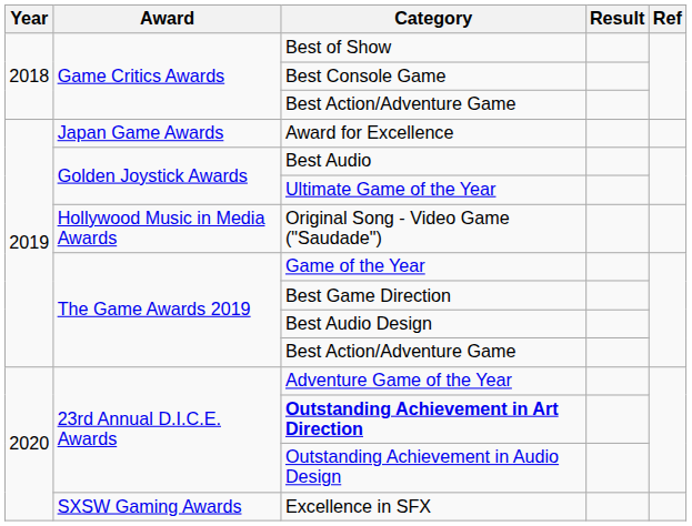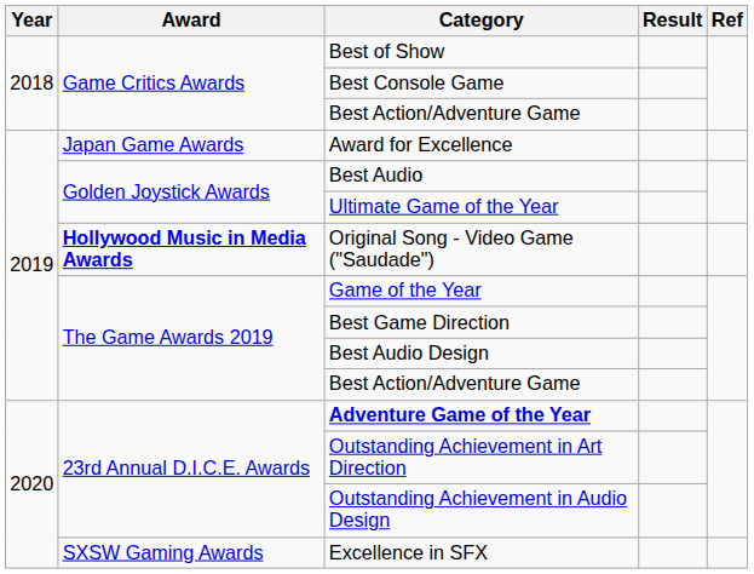 <table class="wikitable sortable">
 <tr>
 <th>Year</th>
 <th>Award</th>
 <th>Category</th>
 <th>Result</th>
 <th>Ref</th>
 </tr>
 <tr>
 <td style="text-align:center;" rowspan="3">2018</td>
 <td rowspan="3"><a href='#'>Game Critics Awards</a></td>
 <td>Best of Show</td>
 <td></td>
 <td rowspan="3" style="text-align:center;"></td>
 </tr>
 <tr>
 <td>Best Console Game</td>
 <td></td>
 </tr>
 <tr>
 <td>Best Action/Adventure Game</td>
 <td></td>
 </tr>
 <tr>
 <td style="text-align:center;" rowspan="8">2019</td>
 <td><a href='#'>Japan Game Awards</a></td>
 <td>Award for Excellence</td>
 <td></td>
 <td style="text-align:center;"></td>
 </tr>
 <tr>
 <td rowspan="2"><a href='#'>Golden Joystick Awards</a></td>
 <td>Best Audio</td>
 <td></td>
 <td rowspan="2" style="text-align:center;"></td>
 </tr>
 <tr>
 <td><a href='#'>Ultimate Game of the Year</a></td>
 <td></td>
 </tr>
 <tr>
-<td><a href='#'>Hollywood Music in Media Awards</a></td>
+<td><strong><a href='#'>Hollywood Music in Media Awards</a></strong></td>
 <td>Original Song - Video Game ("Saudade")</td>
 <td></td>
 <td style="text-align:center;"></td>
 </tr>
 <tr>
 <td rowspan="4"><a href='#'>The Game Awards 2019</a></td>
 <td><a href='#'>Game of the Year</a></td>
 <td></td>
 <td rowspan="4" style="text-align:center;"></td>
 </tr>
 <tr>
 <td>Best Game Direction</td>
 <td></td>
 </tr>
 <tr>
 <td>Best Audio Design</td>
 <td></td>
 </tr>
 <tr>
 <td>Best Action/Adventure Game</td>
 <td></td>
 </tr>
 <tr>
 <td style="text-align:center;" rowspan="4">2020</td>
 <td rowspan="3"><a href='#'>23rd Annual D.I.C.E. Awards</a></td>
-<td><a href='#'>Adventure Game of the Year</a></td>
+<td><strong><a href='#'>Adventure Game of the Year</a></strong></td>
 <td></td>
 <td rowspan="3" style="text-align:center;"></td>
 </tr>
 <tr>
-<td><strong><a href='#'>Outstanding Achievement in Art Direction</a></strong></td>
+<td><a href='#'>Outstanding Achievement in Art Direction</a></td>
 <td></td>
 </tr>
 <tr>
 <td><a href='#'>Outstanding Achievement in Audio Design</a></td>
 <td></td>
 </tr>
 <tr>
 <td><a href='#'>SXSW Gaming Awards</a></td>
 <td>Excellence in SFX</td>
 <td></td>
 <td style="text-align:center;"></td>
 </tr>
 </table>
